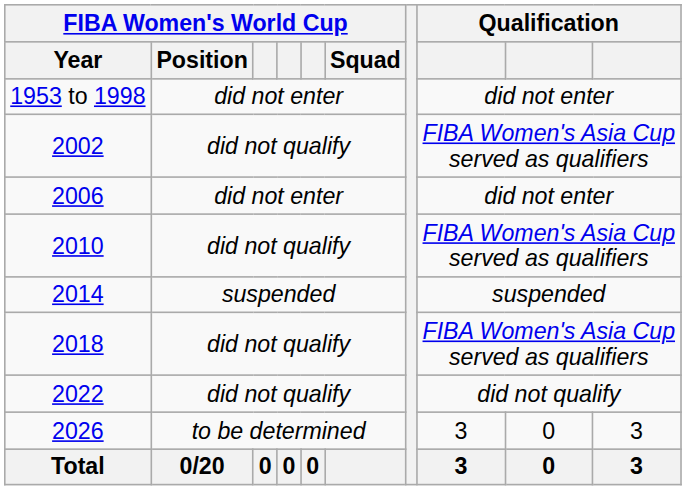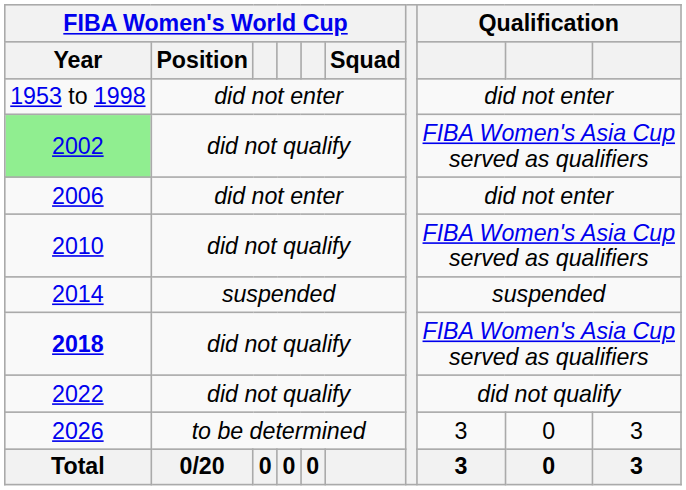 <table class="wikitable" style="text-align: center;font-size:90%;">
 <tr>
 <th colspan=6><a href='#'>FIBA Women's World Cup</a></th>
 <th rowspan=11></th>
 <th colspan=3>Qualification</th>
 </tr>
 <tr>
 <th>Year</th>
 <th>Position</th>
 <th></th>
 <th></th>
 <th></th>
 <th>Squad</th>
 <th></th>
 <th></th>
 <th></th>
 </tr>
 <tr>
 <td><a href='#'>1953</a> to <a href='#'>1998</a></td>
 <td colspan=5><em>did not enter</em></td>
 <td colspan=3><em>did not enter</em></td>
 </tr>
 <tr>
-<td> <a href='#'>2002</a></td>
+<td style="background: lightgreen;"> <a href='#'>2002</a></td>
 <td colspan=5><em>did not qualify</em></td>
 <td colspan=3><em><a href='#'>FIBA Women's Asia Cup</a><br>served as qualifiers</em></td>
 </tr>
 <tr>
 <td> <a href='#'>2006</a></td>
 <td colspan=5><em>did not enter</em></td>
 <td colspan=3><em>did not enter</em></td>
 </tr>
 <tr>
 <td> <a href='#'>2010</a></td>
 <td colspan=5><em>did not qualify</em></td>
 <td colspan=3><em><a href='#'>FIBA Women's Asia Cup</a><br>served as qualifiers</em></td>
 </tr>
 <tr>
 <td> <a href='#'>2014</a></td>
 <td colspan="5"><em>suspended</em></td>
 <td colspan=3><em>suspended</em></td>
 </tr>
 <tr>
-<td> <a href='#'>2018</a></td>
+<td><strong> <a href='#'>2018</a></strong></td>
 <td colspan=5><em>did not qualify</em></td>
 <td colspan=3><em><a href='#'>FIBA Women's Asia Cup</a><br>served as qualifiers</em></td>
 </tr>
 <tr>
 <td> <a href='#'>2022</a></td>
 <td colspan=5><em>did not qualify</em></td>
 <td colspan=3><em>did not qualify</em></td>
 </tr>
 <tr>
 <td> <a href='#'>2026</a></td>
 <td colspan="5"><em>to be determined</em></td>
 <td>3</td>
 <td>0</td>
 <td>3</td>
 </tr>
 <tr>
 <th>Total</th>
 <th>0/20</th>
 <th>0</th>
 <th>0</th>
 <th>0</th>
 <th></th>
 <th>3</th>
 <th>0</th>
 <th>3</th>
 </tr>
 </table>
